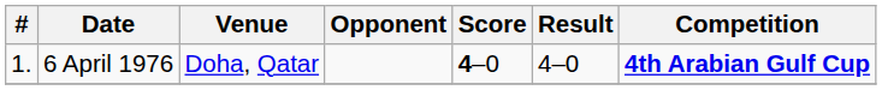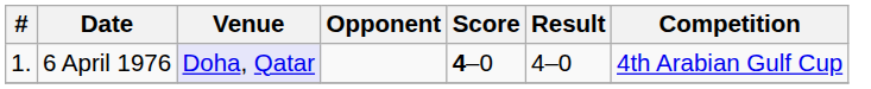 <table class="wikitable">
 <tr>
 <th>#</th>
 <th>Date</th>
 <th>Venue</th>
 <th>Opponent</th>
 <th>Score</th>
 <th>Result</th>
 <th>Competition</th>
 </tr>
 <tr>
 <td>1.</td>
 <td>6 April 1976</td>
-<td><a href='#'>Doha</a>, <a href='#'>Qatar</a></td>
+<td style="background: lavender;"><a href='#'>Doha</a>, <a href='#'>Qatar</a></td>
 <td></td>
 <td><strong>4</strong>–0</td>
 <td>4–0</td>
-<td><strong><a href='#'>4th Arabian Gulf Cup</a></strong></td>
+<td><a href='#'>4th Arabian Gulf Cup</a></td>
 </tr>
 <tr>
 </tr>
 </table>
